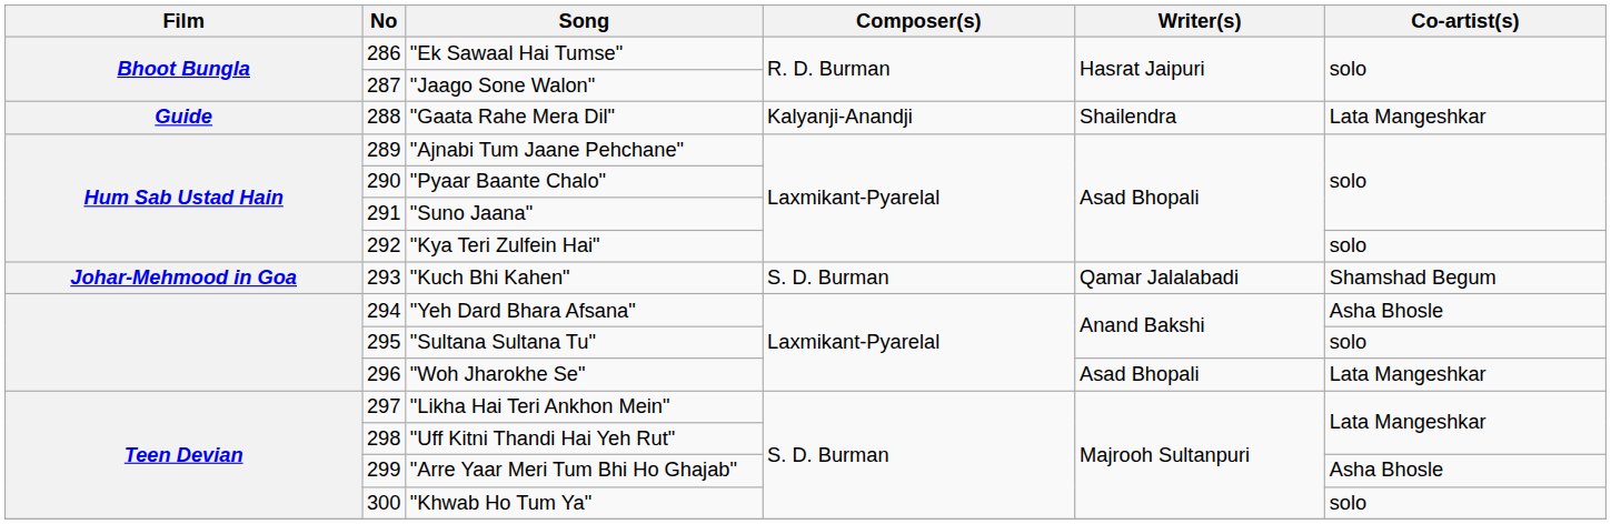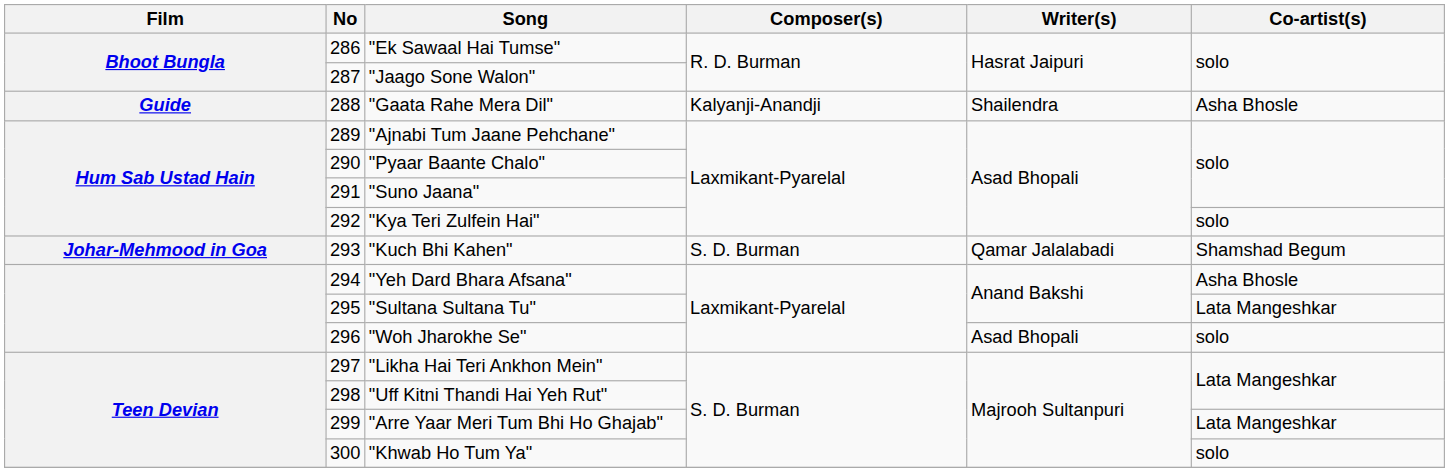 <table class="wikitable plainrowheaders" width="100%" textcolor:#000;">
 <tr style="background:#b0e0e66;">
 <th scope="col" width=23%><strong>Film</strong></th>
 <th><strong>No</strong></th>
 <th scope="col" width=23%><strong>Song</strong></th>
 <th scope="col" width=20%><strong>Composer(s)</strong></th>
 <th scope="col" width=16%><strong>Writer(s)</strong></th>
 <th scope="col" width=18%><strong>Co-artist(s)</strong></th>
 </tr>
 <tr>
 <th rowspan=2><em><a href='#'>Bhoot Bungla</a></em></th>
 <td>286</td>
 <td>"Ek Sawaal Hai Tumse"</td>
 <td rowspan=2>R. D. Burman</td>
 <td rowspan=2>Hasrat Jaipuri</td>
 <td rowspan=2>solo</td>
 </tr>
 <tr>
 <td>287</td>
 <td>"Jaago Sone Walon"</td>
 </tr>
 <tr>
 <th><em><a href='#'>Guide</a></em></th>
 <td>288</td>
 <td>"Gaata Rahe Mera Dil"</td>
 <td>Kalyanji-Anandji</td>
 <td>Shailendra</td>
-<td>Lata Mangeshkar</td>
+<td>Asha Bhosle</td>
 </tr>
 <tr>
 <th rowspan=4><em><a href='#'>Hum Sab Ustad Hain</a></em></th>
 <td>289</td>
 <td>"Ajnabi Tum Jaane Pehchane"</td>
 <td rowspan=4>Laxmikant-Pyarelal</td>
 <td rowspan=4>Asad Bhopali</td>
 <td rowspan=3>solo</td>
 </tr>
 <tr>
 <td>290</td>
 <td>"Pyaar Baante Chalo"</td>
 </tr>
 <tr>
 <td>291</td>
 <td>"Suno Jaana"</td>
 </tr>
 <tr>
 <td>292</td>
 <td>"Kya Teri Zulfein Hai"</td>
 <td>solo</td>
 </tr>
 <tr>
 <th><em><a href='#'>Johar-Mehmood in Goa</a></em></th>
 <td>293</td>
 <td>"Kuch Bhi Kahen"</td>
 <td>S. D. Burman</td>
 <td>Qamar Jalalabadi</td>
 <td>Shamshad Begum</td>
 </tr>
 <tr>
 <th rowspan=3><em></em></th>
 <td>294</td>
 <td>"Yeh Dard Bhara Afsana"</td>
 <td rowspan=3>Laxmikant-Pyarelal</td>
 <td rowspan=2>Anand Bakshi</td>
 <td>Asha Bhosle</td>
 </tr>
 <tr>
 <td>295</td>
 <td>"Sultana Sultana Tu"</td>
-<td>solo</td>
+<td>Lata Mangeshkar</td>
 </tr>
 <tr>
 <td>296</td>
 <td>"Woh Jharokhe Se"</td>
 <td>Asad Bhopali</td>
-<td>Lata Mangeshkar</td>
+<td>solo</td>
 </tr>
 <tr>
 <th rowspan=4><em><a href='#'>Teen Devian</a></em></th>
 <td>297</td>
 <td>"Likha Hai Teri Ankhon Mein"</td>
 <td rowspan=4>S. D. Burman</td>
 <td rowspan=4>Majrooh Sultanpuri</td>
 <td rowspan=2>Lata Mangeshkar</td>
 </tr>
 <tr>
 <td>298</td>
 <td>"Uff Kitni Thandi Hai Yeh Rut"</td>
 </tr>
 <tr>
 <td>299</td>
 <td>"Arre Yaar Meri Tum Bhi Ho Ghajab"</td>
-<td>Asha Bhosle</td>
+<td>Lata Mangeshkar</td>
 </tr>
 <tr>
 <td>300</td>
 <td>"Khwab Ho Tum Ya"</td>
 <td>solo</td>
 </tr>
 <tr>
 </tr>
 </table>
